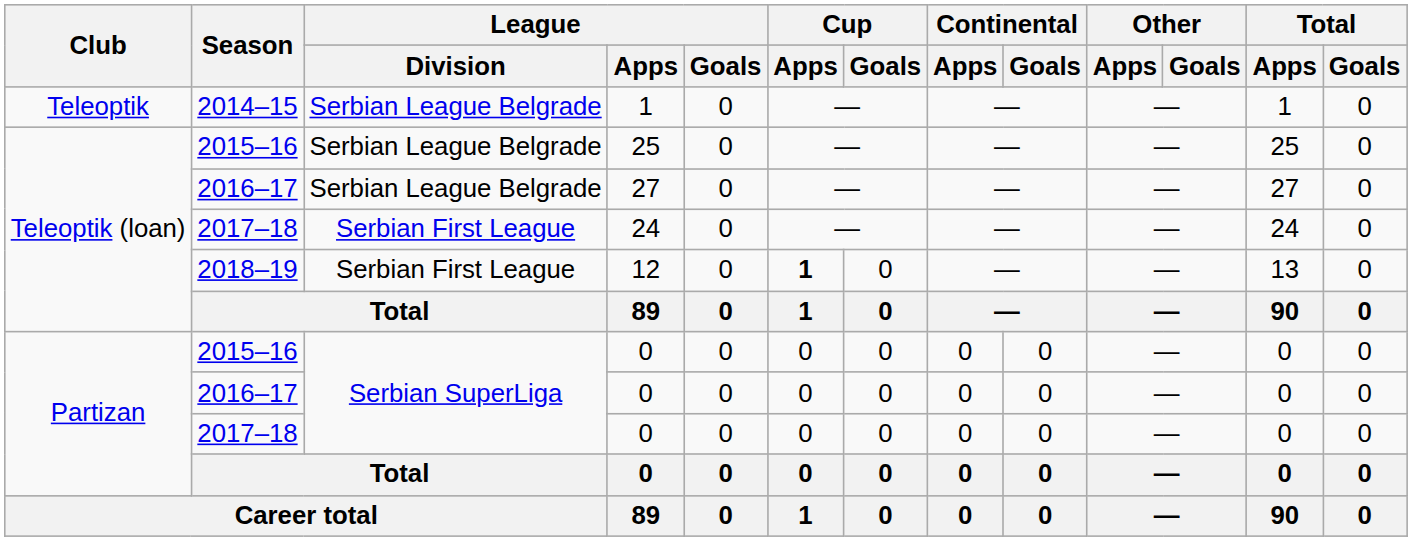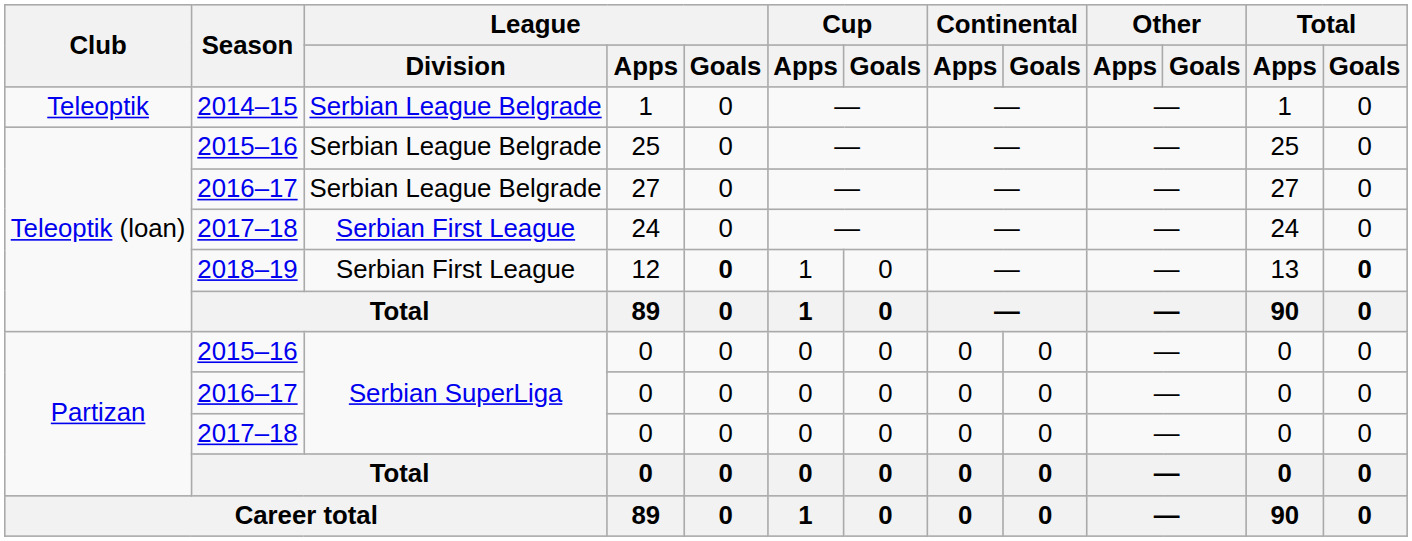 <table class="wikitable" style="text-align:center">
 <tr>
 <th rowspan="2">Club</th>
 <th rowspan="2">Season</th>
 <th colspan="3">League</th>
 <th colspan="2">Cup</th>
 <th colspan="2">Continental</th>
 <th colspan="2">Other</th>
 <th colspan="2">Total</th>
 </tr>
 <tr>
 <th>Division</th>
 <th>Apps</th>
 <th>Goals</th>
 <th>Apps</th>
 <th>Goals</th>
 <th>Apps</th>
 <th>Goals</th>
 <th>Apps</th>
 <th>Goals</th>
 <th>Apps</th>
 <th>Goals</th>
 </tr>
 <tr>
 <td><a href='#'>Teleoptik</a></td>
 <td><a href='#'>2014–15</a></td>
 <td><a href='#'>Serbian League Belgrade</a></td>
 <td>1</td>
 <td>0</td>
 <td colspan="2">—</td>
 <td colspan="2">—</td>
 <td colspan="2">—</td>
 <td>1</td>
 <td>0</td>
 </tr>
 <tr>
 <td rowspan="5"><a href='#'>Teleoptik</a> (loan)</td>
 <td><a href='#'>2015–16</a></td>
 <td>Serbian League Belgrade</td>
 <td>25</td>
 <td>0</td>
 <td colspan="2">—</td>
 <td colspan="2">—</td>
 <td colspan="2">—</td>
 <td>25</td>
 <td>0</td>
 </tr>
 <tr>
 <td><a href='#'>2016–17</a></td>
 <td>Serbian League Belgrade</td>
 <td>27</td>
 <td>0</td>
 <td colspan="2">—</td>
 <td colspan="2">—</td>
 <td colspan="2">—</td>
 <td>27</td>
 <td>0</td>
 </tr>
 <tr>
 <td><a href='#'>2017–18</a></td>
 <td><a href='#'>Serbian First League</a></td>
 <td>24</td>
 <td>0</td>
 <td colspan="2">—</td>
 <td colspan="2">—</td>
 <td colspan="2">—</td>
 <td>24</td>
 <td>0</td>
 </tr>
 <tr>
 <td><a href='#'>2018–19</a></td>
 <td>Serbian First League</td>
 <td>12</td>
-<td>0</td>
-<td><strong>1</strong></td>
+<td><strong>0</strong></td>
+<td>1</td>
 <td>0</td>
 <td colspan="2">—</td>
 <td colspan="2">—</td>
 <td>13</td>
-<td>0</td>
+<td><strong>0</strong></td>
 </tr>
 <tr>
 <th colspan="2">Total</th>
 <th>89</th>
 <th>0</th>
 <th>1</th>
 <th>0</th>
 <th colspan="2">—</th>
 <th colspan="2">—</th>
 <th>90</th>
 <th>0</th>
 </tr>
 <tr>
 <td rowspan="4"><a href='#'>Partizan</a></td>
 <td><a href='#'>2015–16</a></td>
 <td rowspan="3"><a href='#'>Serbian SuperLiga</a></td>
 <td>0</td>
 <td>0</td>
 <td>0</td>
 <td>0</td>
 <td>0</td>
 <td>0</td>
 <td colspan="2">—</td>
 <td>0</td>
 <td>0</td>
 </tr>
 <tr>
 <td><a href='#'>2016–17</a></td>
 <td>0</td>
 <td>0</td>
 <td>0</td>
 <td>0</td>
 <td>0</td>
 <td>0</td>
 <td colspan="2">—</td>
 <td>0</td>
 <td>0</td>
 </tr>
 <tr>
 <td><a href='#'>2017–18</a></td>
 <td>0</td>
 <td>0</td>
 <td>0</td>
 <td>0</td>
 <td>0</td>
 <td>0</td>
 <td colspan="2">—</td>
 <td>0</td>
 <td>0</td>
 </tr>
 <tr>
 <th colspan="2">Total</th>
 <th>0</th>
 <th>0</th>
 <th>0</th>
 <th>0</th>
 <th>0</th>
 <th>0</th>
 <th colspan="2">—</th>
 <th>0</th>
 <th>0</th>
 </tr>
 <tr>
 <th colspan="3">Career total</th>
 <th>89</th>
 <th>0</th>
 <th>1</th>
 <th>0</th>
 <th>0</th>
 <th>0</th>
 <th colspan="2">—</th>
 <th>90</th>
 <th>0</th>
 </tr>
 </table>
